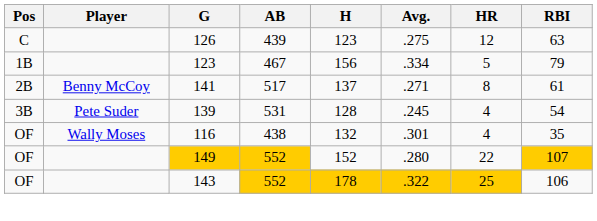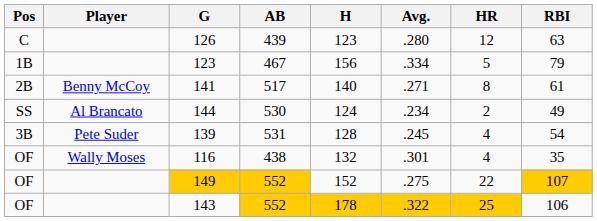 <table class="wikitable sortable">
 <tr>
 <th bgcolor="#DDDDFF" width="5%">Pos</th>
 <th bgcolor="#DDDDFF" width="16%">Player</th>
 <th bgcolor="#DDDDFF" width="9%">G</th>
 <th bgcolor="#DDDDFF" width="9%">AB</th>
 <th bgcolor="#DDDDFF" width="9%">H</th>
 <th bgcolor="#DDDDFF" width="9%">Avg.</th>
 <th bgcolor="#DDDDFF" width="9%">HR</th>
 <th bgcolor="#DDDDFF" width="9%">RBI</th>
 </tr>
 <tr align="center">
 <td>C</td>
 <td></td>
 <td>126</td>
 <td>439</td>
 <td>123</td>
-<td>.275</td>
+<td>.280</td>
 <td>12</td>
 <td>63</td>
 </tr>
 <tr align="center">
 <td>1B</td>
 <td></td>
 <td>123</td>
 <td>467</td>
 <td>156</td>
 <td>.334</td>
 <td>5</td>
 <td>79</td>
 </tr>
 <tr align="center">
 <td>2B</td>
 <td><a href='#'>Benny McCoy</a></td>
 <td>141</td>
 <td>517</td>
-<td>137</td>
+<td>140</td>
 <td>.271</td>
 <td>8</td>
 <td>61</td>
+</tr>
+<tr align="center">
+<td>SS</td>
+<td><a href='#'>Al Brancato</a></td>
+<td>144</td>
+<td>530</td>
+<td>124</td>
+<td>.234</td>
+<td>2</td>
+<td>49</td>
 </tr>
 <tr align="center">
 <td>3B</td>
 <td><a href='#'>Pete Suder</a></td>
 <td>139</td>
 <td>531</td>
 <td>128</td>
 <td>.245</td>
 <td>4</td>
 <td>54</td>
 </tr>
 <tr align="center">
 <td>OF</td>
 <td><a href='#'>Wally Moses</a></td>
 <td>116</td>
 <td>438</td>
 <td>132</td>
 <td>.301</td>
 <td>4</td>
 <td>35</td>
 </tr>
 <tr align="center">
 <td>OF</td>
 <td></td>
 <td style="background:#fc0;">149</td>
 <td style="background:#fc0;">552</td>
 <td>152</td>
-<td>.280</td>
+<td>.275</td>
 <td>22</td>
 <td style="background:#fc0;">107</td>
 </tr>
 <tr align="center">
 <td>OF</td>
 <td></td>
 <td>143</td>
 <td style="background:#fc0;">552</td>
 <td style="background:#fc0;">178</td>
 <td style="background:#fc0;">.322</td>
 <td style="background:#fc0;">25</td>
 <td>106</td>
 </tr>
 </table>
